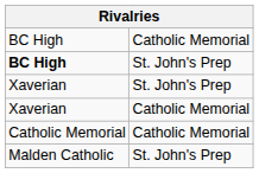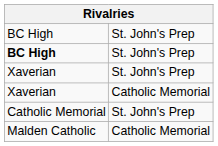 <table class="wikitable">
 <tr>
 <th colspan="2">Rivalries</th>
 </tr>
 <tr>
 <td>BC High</td>
-<td>Catholic Memorial</td>
+<td>St. John's Prep</td>
 </tr>
 <tr>
 <td><strong>BC High</strong></td>
 <td>St. John's Prep</td>
 </tr>
 <tr>
 <td>Xaverian</td>
 <td>St. John's Prep</td>
 </tr>
 <tr>
 <td>Xaverian</td>
 <td>Catholic Memorial</td>
 </tr>
 <tr>
 <td>Catholic Memorial</td>
-<td>Catholic Memorial</td>
+<td>St. John's Prep</td>
 </tr>
 <tr>
 <td>Malden Catholic</td>
-<td>St. John's Prep</td>
+<td>Catholic Memorial</td>
 </tr>
 </table>
